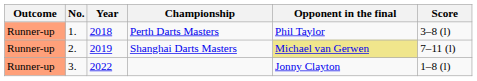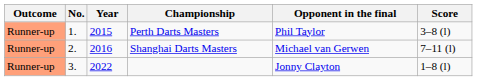 <table class=" sortable wikitable">
 <tr>
 <th style="width:80px;">Outcome</th>
 <th style="width:20px;">No.</th>
 <th style="width:50px;">Year</th>
 <th style="width:200px;">Championship</th>
 <th style="width:200px;">Opponent in the final</th>
 <th style="width:70px;">Score</th>
 </tr>
 <tr style=>
 <td style="background:#ffa07a">Runner-up</td>
 <td>1.</td>
-<td><a href='#'>2018</a></td>
+<td><a href='#'>2015</a></td>
 <td><a href='#'>Perth Darts Masters</a></td>
 <td> <a href='#'>Phil Taylor</a></td>
 <td>3–8 (l)</td>
 </tr>
 <tr>
 <td style="background:#ffa07a">Runner-up</td>
 <td>2.</td>
-<td><a href='#'>2019</a></td>
+<td><a href='#'>2016</a></td>
 <td><a href='#'>Shanghai Darts Masters</a></td>
-<td style="background: khaki;"> <a href='#'>Michael van Gerwen</a></td>
+<td> <a href='#'>Michael van Gerwen</a></td>
 <td>7–11 (l)</td>
 </tr>
 <tr>
 <td style="background:#ffa07a">Runner-up</td>
 <td>3.</td>
 <td><a href='#'>2022</a></td>
 <td></td>
 <td> <a href='#'>Jonny Clayton</a></td>
 <td>1–8 (l)</td>
 </tr>
 </table>
